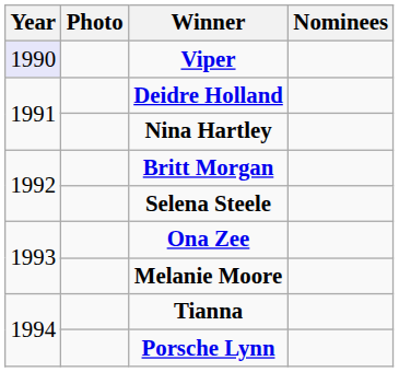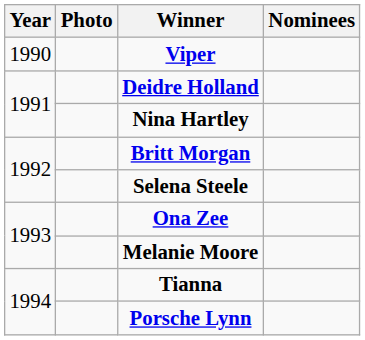 <table class=wikitable>
 <tr>
 <th>Year</th>
 <th>Photo</th>
 <th>Winner<br></th>
 <th>Nominees<br></th>
 </tr>
 <tr>
-<td style="background: lavender;">1990</td>
+<td>1990</td>
 <td></td>
 <td align=center><strong><a href='#'>Viper</a></strong><br></td>
 <td></td>
 </tr>
 <tr>
 <td rowspan=2>1991</td>
 <td></td>
 <td align=center><strong><a href='#'>Deidre Holland</a></strong> <br></td>
 <td></td>
 </tr>
 <tr>
 <td></td>
 <td align=center><strong>Nina Hartley</strong> <br></td>
 <td></td>
 </tr>
 <tr>
 <td rowspan=2>1992</td>
 <td></td>
 <td align=center><strong><a href='#'>Britt Morgan</a></strong> <br></td>
 <td></td>
 </tr>
 <tr>
 <td></td>
 <td align=center><strong>Selena Steele</strong> <br></td>
 <td></td>
 </tr>
 <tr>
 <td rowspan=2>1993</td>
 <td></td>
 <td align=center><strong><a href='#'>Ona Zee</a></strong><br></td>
 <td></td>
 </tr>
 <tr>
 <td></td>
 <td align=center><strong>Melanie Moore</strong> <br></td>
 <td></td>
 </tr>
 <tr>
 <td rowspan=2>1994</td>
 <td></td>
 <td align=center><strong>Tianna</strong> <br></td>
 <td></td>
 </tr>
 <tr>
 <td></td>
 <td align=center><strong><a href='#'>Porsche Lynn</a></strong> <br></td>
 <td></td>
 </tr>
 </table>
